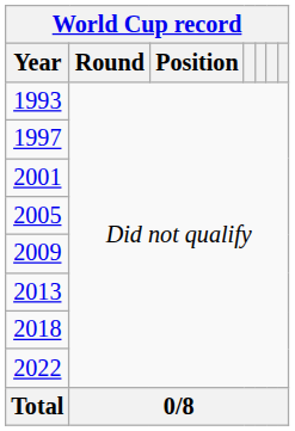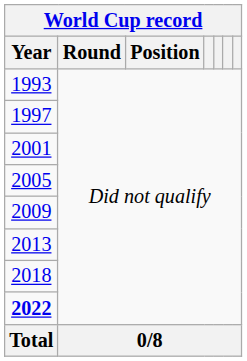 <table class="wikitable" style="text-align: center;">
 <tr>
 <th colspan=10><a href='#'>World Cup record</a></th>
 </tr>
 <tr>
 <th>Year</th>
 <th>Round</th>
 <th>Position</th>
 <th></th>
 <th></th>
 <th></th>
 <th></th>
 </tr>
 <tr>
 <td> <a href='#'>1993</a></td>
 <td rowspan=8 colspan=6><em>Did not qualify</em></td>
 </tr>
 <tr>
 <td> <a href='#'>1997</a></td>
 </tr>
 <tr>
 <td> <a href='#'>2001</a></td>
 </tr>
 <tr>
 <td> <a href='#'>2005</a></td>
 </tr>
 <tr>
 <td> <a href='#'>2009</a></td>
 </tr>
 <tr>
 <td> <a href='#'>2013</a></td>
 </tr>
 <tr>
 <td> <a href='#'>2018</a></td>
 </tr>
 <tr>
-<td> <a href='#'>2022</a></td>
+<td><strong> <a href='#'>2022</a></strong></td>
 </tr>
 <tr>
 <th>Total</th>
 <th colspan=6>0/8</th>
 </tr>
 </table>
